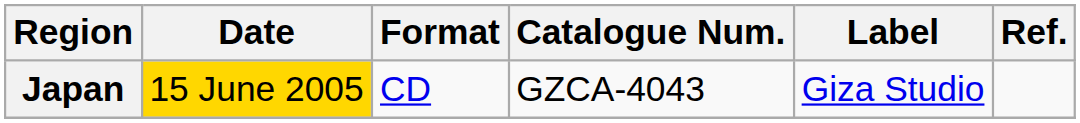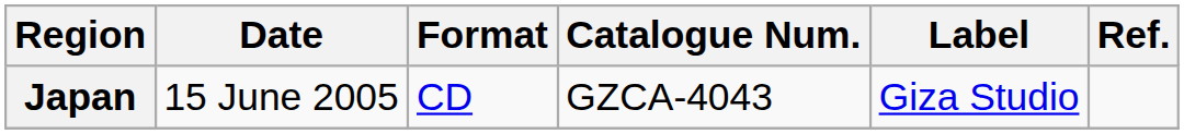 <table class="wikitable sortable plainrowheaders">
 <tr>
 <th scope="col">Region</th>
 <th scope="col">Date</th>
 <th scope="col">Format</th>
 <th scope="col">Catalogue Num.</th>
 <th scope="col">Label</th>
 <th scope="col">Ref.</th>
 </tr>
 <tr>
 <th rowspan="1">Japan</th>
-<td rowspan="1" style="background: gold;">15 June 2005</td>
+<td rowspan="1">15 June 2005</td>
 <td rowspan="1"><a href='#'>CD</a></td>
 <td>GZCA-4043</td>
 <td rowspan="1"><a href='#'>Giza Studio</a></td>
 <td rowspan="1"></td>
 </tr>
 <tr>
 </tr>
 </table>
